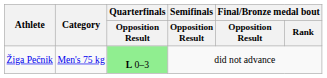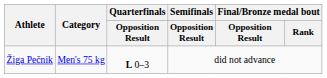 <table class="wikitable" style="text-align:center; font-size:90%">
 <tr>
 <th rowspan=2>Athlete</th>
 <th rowspan=2>Category</th>
 <th>Quarterfinals</th>
 <th>Semifinals</th>
 <th colspan=2>Final/Bronze medal bout</th>
 </tr>
 <tr style="font-size:95%">
 <th>Opposition<br>Result</th>
 <th>Opposition<br>Result</th>
 <th>Opposition<br>Result</th>
 <th>Rank</th>
 </tr>
 <tr>
 <td align=left><a href='#'>Žiga Pečnik</a></td>
 <td align=left><a href='#'>Men's 75 kg</a></td>
-<td style="background: lightgreen;"><br> <strong>L</strong> 0–3</td>
+<td><br> <strong>L</strong> 0–3</td>
 <td colspan=3>did not advance</td>
 </tr>
 </table>
